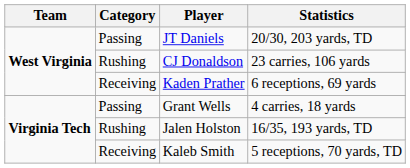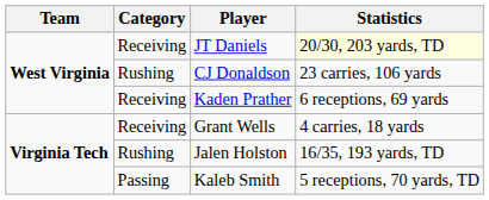 <table class="wikitable" style="float: right;">
 <tr>
 <th>Team</th>
 <th>Category</th>
 <th>Player</th>
 <th>Statistics</th>
 </tr>
 <tr>
 <td rowspan=3><strong>West Virginia</strong></td>
-<td>Passing</td>
+<td>Receiving</td>
 <td><a href='#'>JT Daniels</a></td>
-<td>20/30, 203 yards, TD</td>
+<td style="background: lightyellow;">20/30, 203 yards, TD</td>
 </tr>
 <tr>
 <td>Rushing</td>
 <td><a href='#'>CJ Donaldson</a></td>
 <td>23 carries, 106 yards</td>
 </tr>
 <tr>
 <td>Receiving</td>
 <td><a href='#'>Kaden Prather</a></td>
 <td>6 receptions, 69 yards</td>
 </tr>
 <tr>
 <td rowspan=3><strong>Virginia Tech</strong></td>
-<td>Passing</td>
+<td>Receiving</td>
 <td>Grant Wells</td>
 <td>4 carries, 18 yards</td>
 </tr>
 <tr>
 <td>Rushing</td>
 <td>Jalen Holston</td>
 <td>16/35, 193 yards, TD</td>
 </tr>
 <tr>
-<td>Receiving</td>
+<td>Passing</td>
 <td>Kaleb Smith</td>
 <td>5 receptions, 70 yards, TD</td>
 </tr>
 </table>
